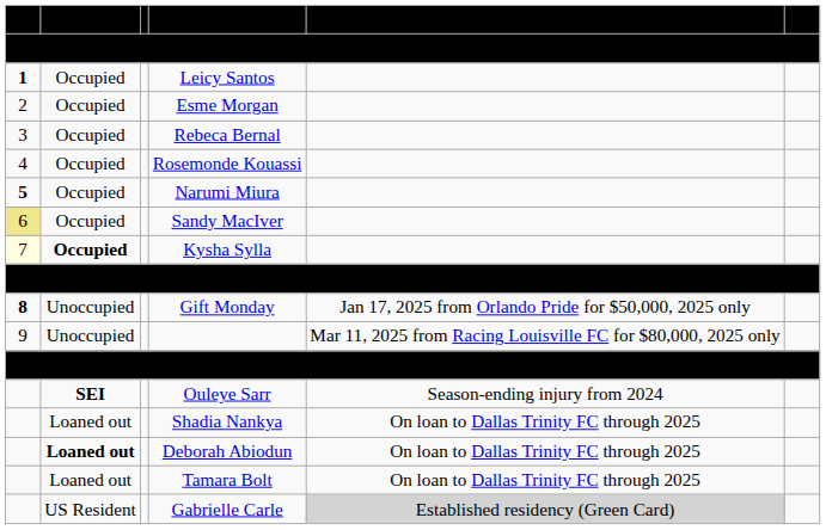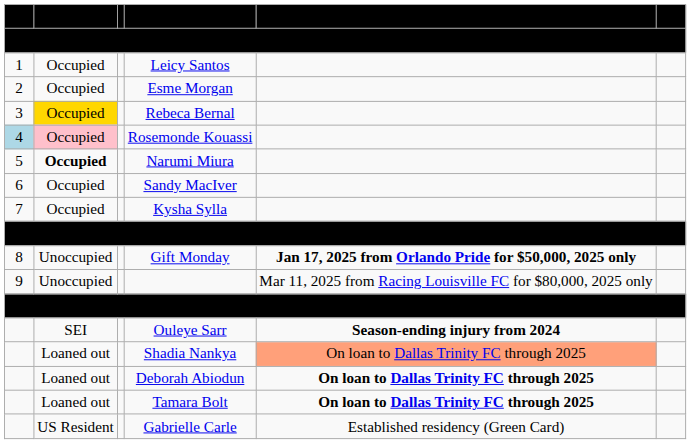 <table class="wikitable" style="text-align:center;">
 <tr>
 <th style="background:#000000; ">No.</th>
 <th style="background:#000000; ">Status</th>
 <th style="background:#000000; "></th>
 <th style="background:#000000; ">Player</th>
 <th style="background:#000000; ">Player/Slot Notes</th>
 <th style="background:#000000; ">Ref</th>
 </tr>
 <tr>
 <th colspan="6" style="background:#000000; ">7 baseline slots</th>
 </tr>
 <tr>
-<td><strong>1</strong></td>
+<td>1</td>
 <td>Occupied</td>
 <td></td>
 <td><a href='#'>Leicy Santos</a></td>
 <td></td>
 <td></td>
 </tr>
 <tr>
 <td>2</td>
 <td>Occupied</td>
 <td></td>
 <td><a href='#'>Esme Morgan</a></td>
 <td></td>
 <td></td>
 </tr>
 <tr>
 <td>3</td>
-<td>Occupied</td>
+<td style="background: gold;">Occupied</td>
 <td></td>
 <td><a href='#'>Rebeca Bernal</a></td>
 <td></td>
 <td></td>
 </tr>
 <tr>
-<td>4</td>
-<td>Occupied</td>
+<td style="background: lightblue;">4</td>
+<td style="background: pink;">Occupied</td>
 <td></td>
 <td><a href='#'>Rosemonde Kouassi</a></td>
 <td></td>
 <td></td>
 </tr>
 <tr>
-<td><strong>5</strong></td>
-<td>Occupied</td>
+<td>5</td>
+<td><strong>Occupied</strong></td>
 <td></td>
 <td><a href='#'>Narumi Miura</a></td>
 <td></td>
 <td></td>
 </tr>
 <tr>
-<td style="background: khaki;">6</td>
+<td>6</td>
 <td>Occupied</td>
 <td></td>
 <td><a href='#'>Sandy MacIver</a></td>
 <td></td>
 <td></td>
 </tr>
 <tr>
-<td style="background: lightyellow;">7</td>
-<td><strong>Occupied</strong></td>
+<td>7</td>
+<td>Occupied</td>
 <td></td>
 <td><a href='#'>Kysha Sylla</a></td>
 <td></td>
 <td></td>
 </tr>
 <tr>
 <th colspan="6" style="background:#000000; ">Acquired slots</th>
 </tr>
 <tr>
-<td><strong>8</strong></td>
+<td>8</td>
 <td>Unoccupied</td>
 <td></td>
 <td><a href='#'>Gift Monday</a></td>
-<td>Jan 17, 2025 from <a href='#'>Orlando Pride</a> for $50,000, 2025 only</td>
+<td><strong>Jan 17, 2025 from <a href='#'>Orlando Pride</a> for $50,000, 2025 only</strong></td>
 <td></td>
 </tr>
 <tr>
 <td>9</td>
 <td>Unoccupied</td>
 <td></td>
 <td></td>
 <td>Mar 11, 2025 from <a href='#'>Racing Louisville FC</a> for $80,000, 2025 only</td>
 <td></td>
 </tr>
 <tr>
 <th colspan="6" style="background:#000000; ">Rostered international players not using a slot</th>
 </tr>
 <tr>
 <td></td>
-<td><strong>SEI</strong></td>
+<td>SEI</td>
 <td></td>
 <td><a href='#'>Ouleye Sarr</a></td>
-<td>Season-ending injury from 2024</td>
+<td><strong>Season-ending injury from 2024</strong></td>
 <td></td>
 </tr>
 <tr>
 <td></td>
 <td>Loaned out</td>
 <td></td>
 <td><a href='#'>Shadia Nankya</a></td>
-<td>On loan to <a href='#'>Dallas Trinity FC</a> through 2025</td>
+<td style="background: lightsalmon;">On loan to <a href='#'>Dallas Trinity FC</a> through 2025</td>
 <td></td>
 </tr>
 <tr>
 <td></td>
-<td><strong>Loaned out</strong></td>
+<td>Loaned out</td>
 <td></td>
 <td><a href='#'>Deborah Abiodun</a></td>
-<td>On loan to <a href='#'>Dallas Trinity FC</a> through 2025</td>
+<td><strong>On loan to <a href='#'>Dallas Trinity FC</a> through 2025</strong></td>
 <td></td>
 </tr>
 <tr>
 <td></td>
 <td>Loaned out</td>
 <td></td>
 <td><a href='#'>Tamara Bolt</a></td>
-<td>On loan to <a href='#'>Dallas Trinity FC</a> through 2025</td>
+<td><strong>On loan to <a href='#'>Dallas Trinity FC</a> through 2025</strong></td>
 <td></td>
 </tr>
 <tr>
 <td></td>
 <td>US Resident</td>
 <td></td>
 <td><a href='#'>Gabrielle Carle</a></td>
-<td style="background: lightgrey;">Established residency (Green Card)</td>
+<td>Established residency (Green Card)</td>
 <td></td>
 </tr>
 </table>
